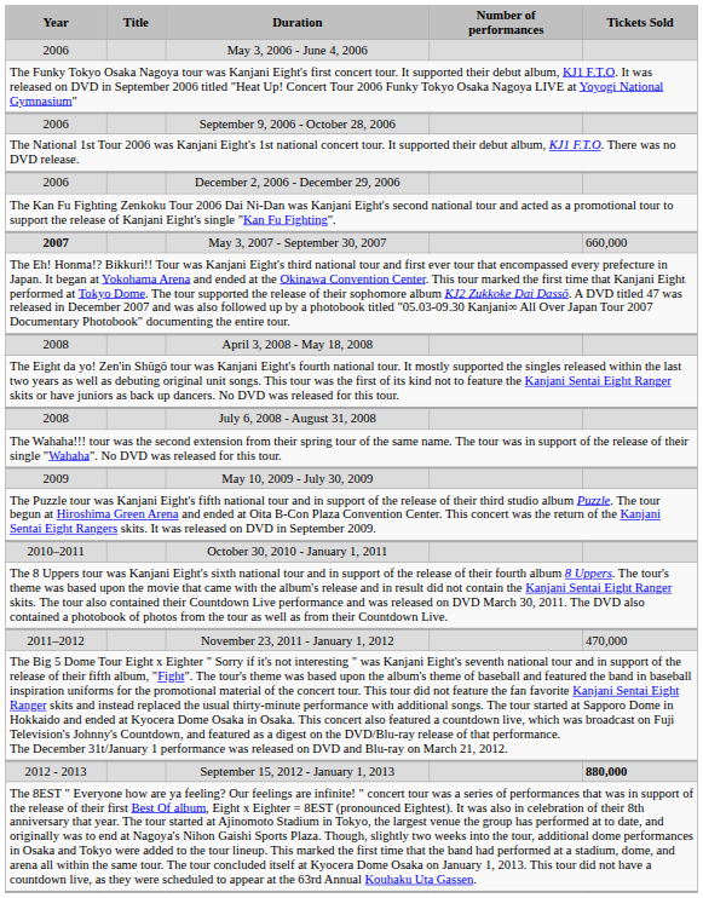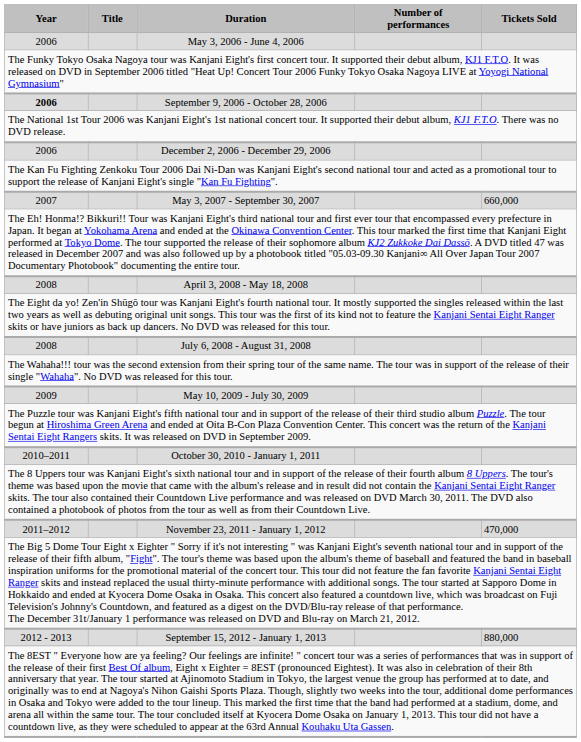 <table class="wikitable">
 <tr>
 <th style="background-color: #C0C0C0;">Year</th>
 <th style="background-color: #C0C0C0;">Title</th>
 <th style="background-color: #C0C0C0;">Duration</th>
 <th style="background-color: #C0C0C0;">Number of<br>performances</th>
 <th style="background-color: #C0C0C0;">Tickets Sold</th>
 </tr>
 <tr>
 <td style="background-color: #DCDCDC;" align="center">2006</td>
 <td style="background-color: #DCDCDC;" align="center"></td>
 <td style="background-color: #DCDCDC;" align="center">May 3, 2006 - June 4, 2006</td>
 <td style="background-color: #DCDCDC;"></td>
 <td style="background-color: #DCDCDC;"></td>
 </tr>
 <tr>
 <td colspan="5" style="border-bottom-width:3px; padding:5px;">The Funky Tokyo Osaka Nagoya tour was Kanjani Eight's first concert tour. It supported their debut album, <a href='#'>KJ1 F.T.O</a>. It was released on DVD in September 2006 titled "Heat Up! Concert Tour 2006 Funky Tokyo Osaka Nagoya LIVE at <a href='#'>Yoyogi National Gymnasium</a>"</td>
 </tr>
 <tr>
-<td style="background-color: #DCDCDC;" align="center">2006</td>
+<td style="background-color: #DCDCDC;" align="center"><strong>2006</strong></td>
 <td style="background-color: #DCDCDC;" align="center"></td>
 <td style="background-color: #DCDCDC;" align="center">September 9, 2006 - October 28, 2006</td>
 <td style="background-color: #DCDCDC;"></td>
 <td style="background-color: #DCDCDC;"></td>
 </tr>
 <tr>
 <td colspan="5" style="border-bottom-width:3px; padding:5px;">The National 1st Tour 2006 was Kanjani Eight's 1st national concert tour. It supported their debut album, <em><a href='#'>KJ1 F.T.O</a></em>. There was no DVD release.</td>
 </tr>
 <tr>
 <td style="background-color: #DCDCDC;" align="center">2006</td>
 <td style="background-color: #DCDCDC;" align="center"></td>
 <td style="background-color: #DCDCDC;" align="center">December 2, 2006 - December 29, 2006</td>
 <td style="background-color: #DCDCDC;"></td>
 <td style="background-color: #DCDCDC;"></td>
 </tr>
 <tr>
 <td colspan="5" style="border-bottom-width:3px; padding:5px;">The Kan Fu Fighting Zenkoku Tour 2006 Dai Ni-Dan was Kanjani Eight's second national tour and acted as a promotional tour to support the release of Kanjani Eight's single "<a href='#'>Kan Fu Fighting</a>".</td>
 </tr>
 <tr>
-<td style="background-color: #DCDCDC;" align="center"><strong>2007</strong></td>
+<td style="background-color: #DCDCDC;" align="center">2007</td>
 <td style="background-color: #DCDCDC;" align="center"></td>
 <td style="background-color: #DCDCDC;" align="center">May 3, 2007 - September 30, 2007</td>
 <td style="background-color: #DCDCDC;"></td>
 <td style="background-color: #DCDCDC;">660,000</td>
 </tr>
 <tr>
 <td colspan="5" style="border-bottom-width:3px; padding:5px;">The Eh! Honma!? Bikkuri!! Tour was Kanjani Eight's third national tour and first ever tour that encompassed every prefecture in Japan. It began at <a href='#'>Yokohama Arena</a> and ended at the <a href='#'>Okinawa Convention Center</a>. This tour marked the first time that Kanjani Eight performed at <a href='#'>Tokyo Dome</a>. The tour supported the release of their sophomore album <em><a href='#'>KJ2 Zukkoke Dai Dassō</a></em>. A DVD titled 47 was released in December 2007 and was also followed up by a photobook titled "05.03-09.30 Kanjani∞ All Over Japan Tour 2007 Documentary Photobook" documenting the entire tour.</td>
 </tr>
 <tr>
 <td style="background-color: #DCDCDC;" align="center">2008</td>
 <td style="background-color: #DCDCDC;" align="center"></td>
 <td style="background-color: #DCDCDC;" align="center">April 3, 2008 - May 18, 2008</td>
 <td style="background-color: #DCDCDC;"></td>
 <td style="background-color: #DCDCDC;"></td>
 </tr>
 <tr>
 <td colspan="5" style="border-bottom-width:3px; padding:5px;">The Eight da yo! Zen'in Shūgō tour was Kanjani Eight's fourth national tour. It mostly supported the singles released within the last two years as well as debuting original unit songs. This tour was the first of its kind not to feature the <a href='#'>Kanjani Sentai Eight Ranger</a> skits or have juniors as back up dancers. No DVD was released for this tour.</td>
 </tr>
 <tr>
 <td style="background-color: #DCDCDC;" align="center">2008</td>
 <td style="background-color: #DCDCDC;" align="center"></td>
 <td style="background-color: #DCDCDC;" align="center">July 6, 2008 - August 31, 2008</td>
 <td style="background-color: #DCDCDC;"></td>
 <td style="background-color: #DCDCDC;"></td>
 </tr>
 <tr>
 <td colspan="5" style="border-bottom-width:3px; padding:5px;">The Wahaha!!! tour was the second extension from their spring tour of the same name. The tour was in support of the release of their single "<a href='#'>Wahaha</a>". No DVD was released for this tour.</td>
 </tr>
 <tr>
 <td style="background-color: #DCDCDC;" align="center">2009</td>
 <td style="background-color: #DCDCDC;" align="center"></td>
 <td style="background-color: #DCDCDC;" align="center">May 10, 2009 - July 30, 2009</td>
 <td style="background-color: #DCDCDC;"></td>
 <td style="background-color: #DCDCDC;"></td>
 </tr>
 <tr>
 <td colspan="5" style="border-bottom-width:3px; padding:5px;">The Puzzle tour was Kanjani Eight's fifth national tour and in support of the release of their third studio album <em><a href='#'>Puzzle</a></em>. The tour begun at <a href='#'>Hiroshima Green Arena</a> and ended at Oita B-Con Plaza Convention Center. This concert was the return of the <a href='#'>Kanjani Sentai Eight Rangers</a> skits. It was released on DVD in September 2009.</td>
 </tr>
 <tr>
 <td style="background-color: #DCDCDC;" align="center">2010–2011</td>
 <td style="background-color: #DCDCDC;" align="center"></td>
 <td style="background-color: #DCDCDC;" align="center">October 30, 2010 - January 1, 2011</td>
 <td style="background-color: #DCDCDC;"></td>
 <td style="background-color: #DCDCDC;"></td>
 </tr>
 <tr>
 <td colspan="5" style="border-bottom-width:3px; padding:5px;">The 8 Uppers tour was Kanjani Eight's sixth national tour and in support of the release of their fourth album <em><a href='#'>8 Uppers</a></em>. The tour's theme was based upon the movie that came with the album's release and in result did not contain the <a href='#'>Kanjani Sentai Eight Ranger</a> skits. The tour also contained their Countdown Live performance and was released on DVD March 30, 2011. The DVD also contained a photobook of photos from the tour as well as from their Countdown Live.</td>
 </tr>
 <tr>
 <td style="background-color: #DCDCDC;" align="center">2011–2012</td>
 <td style="background-color: #DCDCDC;" align="center"></td>
 <td style="background-color: #DCDCDC;" align="center">November 23, 2011 - January 1, 2012</td>
 <td style="background-color: #DCDCDC;"></td>
 <td style="background-color: #DCDCDC;">470,000</td>
 </tr>
 <tr>
 <td colspan="5" style="border-bottom-width:3px; padding:5px;">The Big 5 Dome Tour Eight x Eighter " Sorry if it's not interesting " was Kanjani Eight's seventh national tour and in support of the release of their fifth album, "<a href='#'>Fight</a>". The tour's theme was based upon the album's theme of baseball and featured the band in baseball inspiration uniforms for the promotional material of the concert tour. This tour did not feature the fan favorite <a href='#'>Kanjani Sentai Eight Ranger</a> skits and instead replaced the usual thirty-minute performance with additional songs. The tour started at Sapporo Dome in Hokkaido and ended at Kyocera Dome Osaka in Osaka. This concert also featured a countdown live, which was broadcast on Fuji Television's Johnny's Countdown, and featured as a digest on the DVD/Blu-ray release of that performance.<br>The December 31t/January 1 performance was released on DVD and Blu-ray on March 21, 2012.</td>
 </tr>
 <tr>
 <td style="background-color: #DCDCDC;" align="center">2012 - 2013</td>
 <td style="background-color: #DCDCDC;" align="center"></td>
 <td style="background-color: #DCDCDC;" align="center">September 15, 2012 - January 1, 2013</td>
 <td style="background-color: #DCDCDC;"></td>
-<td style="background-color: #DCDCDC;"><strong>880,000</strong></td>
+<td style="background-color: #DCDCDC;">880,000</td>
 </tr>
 <tr>
 <td colspan="5" style="border-bottom-width:3px; padding:5px;">The 8EST " Everyone how are ya feeling? Our feelings are infinite! " concert tour was a series of performances that was in support of the release of their first <a href='#'>Best Of album</a>, Eight x Eighter = 8EST (pronounced Eightest). It was also in celebration of their 8th anniversary that year. The tour started at Ajinomoto Stadium in Tokyo, the largest venue the group has performed at to date, and originally was to end at Nagoya's Nihon Gaishi Sports Plaza. Though, slightly two weeks into the tour, additional dome performances in Osaka and Tokyo were added to the tour lineup. This marked the first time that the band had performed at a stadium, dome, and arena all within the same tour. The tour concluded itself at Kyocera Dome Osaka on January 1, 2013. This tour did not have a countdown live, as they were scheduled to appear at the 63rd Annual <a href='#'>Kouhaku Uta Gassen</a>.</td>
 </tr>
 </table>
